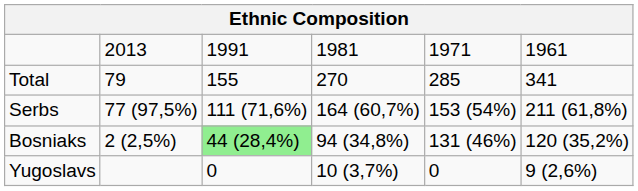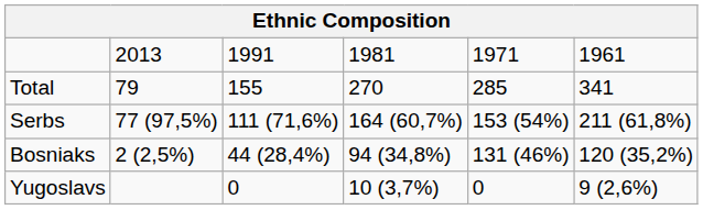 <table class="wikitable">
 <tr>
 <th colspan="6">Ethnic Composition</th>
 </tr>
 <tr>
 <td></td>
 <td>2013</td>
 <td>1991</td>
 <td>1981</td>
 <td>1971</td>
 <td>1961</td>
 </tr>
 <tr>
 <td>Total</td>
 <td>79</td>
 <td>155</td>
 <td>270</td>
 <td>285</td>
 <td>341</td>
 </tr>
 <tr>
 <td>Serbs</td>
 <td>77 (97,5%)</td>
 <td>111 (71,6%)</td>
 <td>164 (60,7%)</td>
 <td>153 (54%)</td>
 <td>211 (61,8%)</td>
 </tr>
 <tr>
 <td>Bosniaks</td>
 <td>2 (2,5%)</td>
-<td style="background: lightgreen;">44 (28,4%)</td>
+<td>44 (28,4%)</td>
 <td>94 (34,8%)</td>
 <td>131 (46%)</td>
 <td>120 (35,2%)</td>
 </tr>
 <tr>
 <td>Yugoslavs</td>
 <td></td>
 <td>0</td>
 <td>10 (3,7%)</td>
 <td>0</td>
 <td>9 (2,6%)</td>
 </tr>
 </table>
